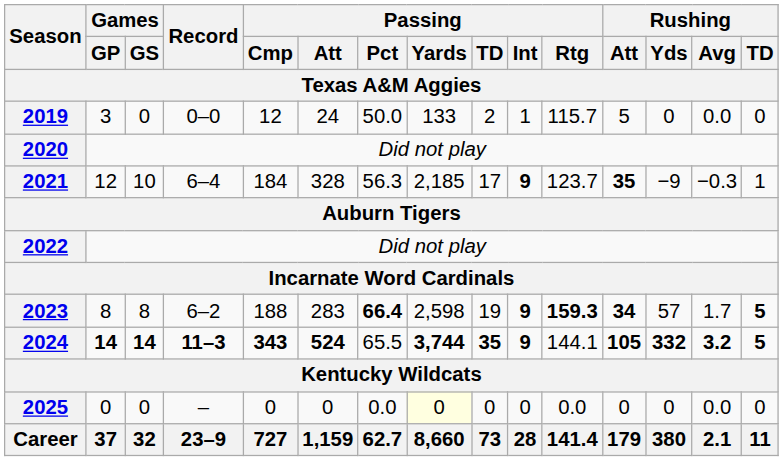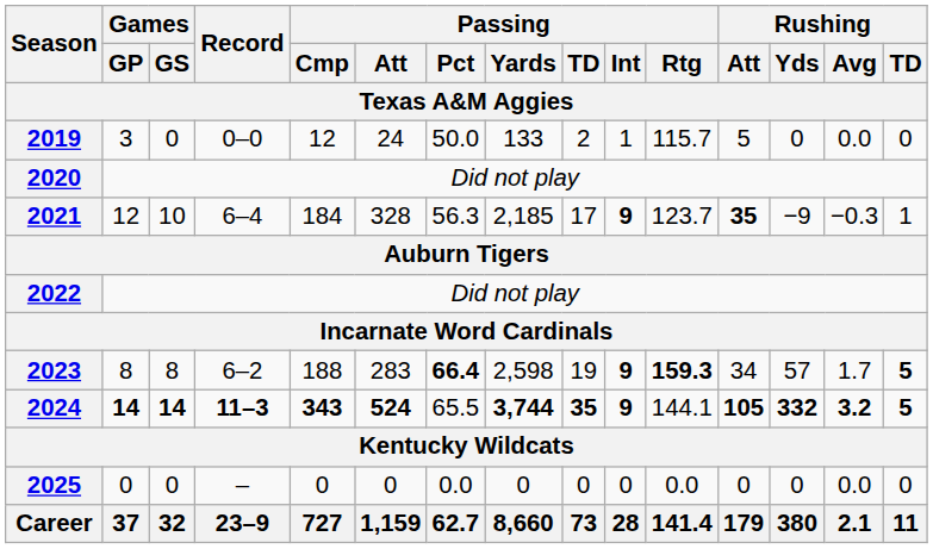 <table class="wikitable" style="text-align:center;">
 <tr>
 <th rowspan="2">Season</th>
 <th colspan="2">Games</th>
 <th rowspan="2">Record</th>
 <th colspan="7">Passing</th>
 <th colspan="4">Rushing</th>
 </tr>
 <tr>
 <th>GP</th>
 <th>GS</th>
 <th>Cmp</th>
 <th>Att</th>
 <th>Pct</th>
 <th>Yards</th>
 <th>TD</th>
 <th>Int</th>
 <th>Rtg</th>
 <th>Att</th>
 <th>Yds</th>
 <th>Avg</th>
 <th>TD</th>
 </tr>
 <tr>
 <th colspan="15">Texas A&M Aggies</th>
 </tr>
 <tr>
 <th><a href='#'>2019</a></th>
 <td>3</td>
 <td>0</td>
 <td>0–0</td>
 <td>12</td>
 <td>24</td>
 <td>50.0</td>
 <td>133</td>
 <td>2</td>
 <td>1</td>
 <td>115.7</td>
 <td>5</td>
 <td>0</td>
 <td>0.0</td>
 <td>0</td>
 </tr>
 <tr>
 <th><a href='#'>2020</a></th>
 <td colspan="14"><em>Did not play</em></td>
 </tr>
 <tr>
 <th><a href='#'>2021</a></th>
 <td>12</td>
 <td>10</td>
 <td>6–4</td>
 <td>184</td>
 <td>328</td>
 <td>56.3</td>
 <td>2,185</td>
 <td>17</td>
 <td><strong>9</strong></td>
 <td>123.7</td>
 <td><strong>35</strong></td>
 <td>−9</td>
 <td>−0.3</td>
 <td>1</td>
 </tr>
 <tr>
 <th colspan="15">Auburn Tigers</th>
 </tr>
 <tr>
 <th><a href='#'>2022</a></th>
 <td colspan="14"><em>Did not play</em></td>
 </tr>
 <tr>
 <th colspan="15">Incarnate Word Cardinals</th>
 </tr>
 <tr>
 <th><a href='#'>2023</a></th>
 <td>8</td>
 <td>8</td>
 <td>6–2</td>
 <td>188</td>
 <td>283</td>
 <td><strong>66.4</strong></td>
 <td>2,598</td>
 <td>19</td>
 <td><strong>9</strong></td>
 <td><strong>159.3</strong></td>
-<td><strong>34</strong></td>
+<td>34</td>
 <td>57</td>
 <td>1.7</td>
 <td><strong>5</strong></td>
 </tr>
 <tr>
 <th><a href='#'>2024</a></th>
 <td><strong>14</strong></td>
 <td><strong>14</strong></td>
 <td><strong>11–3</strong></td>
 <td><strong>343</strong></td>
 <td><strong>524</strong></td>
 <td>65.5</td>
 <td><strong>3,744</strong></td>
 <td><strong>35</strong></td>
 <td><strong>9</strong></td>
 <td>144.1</td>
 <td><strong>105</strong></td>
 <td><strong>332</strong></td>
 <td><strong>3.2</strong></td>
 <td><strong>5</strong></td>
 </tr>
 <tr>
 <th colspan="15">Kentucky Wildcats</th>
 </tr>
 <tr>
 <th><a href='#'>2025</a></th>
 <td>0</td>
 <td>0</td>
 <td>–</td>
 <td>0</td>
 <td>0</td>
 <td>0.0</td>
-<td style="background: lightyellow;">0</td>
+<td>0</td>
 <td>0</td>
 <td>0</td>
 <td>0.0</td>
 <td>0</td>
 <td>0</td>
 <td>0.0</td>
 <td>0</td>
 </tr>
 <tr>
 <th>Career</th>
 <th>37</th>
 <th>32</th>
 <th>23–9</th>
 <th>727</th>
 <th>1,159</th>
 <th>62.7</th>
 <th>8,660</th>
 <th>73</th>
 <th>28</th>
 <th>141.4</th>
 <th>179</th>
 <th>380</th>
 <th>2.1</th>
 <th>11</th>
 </tr>
 </table>
